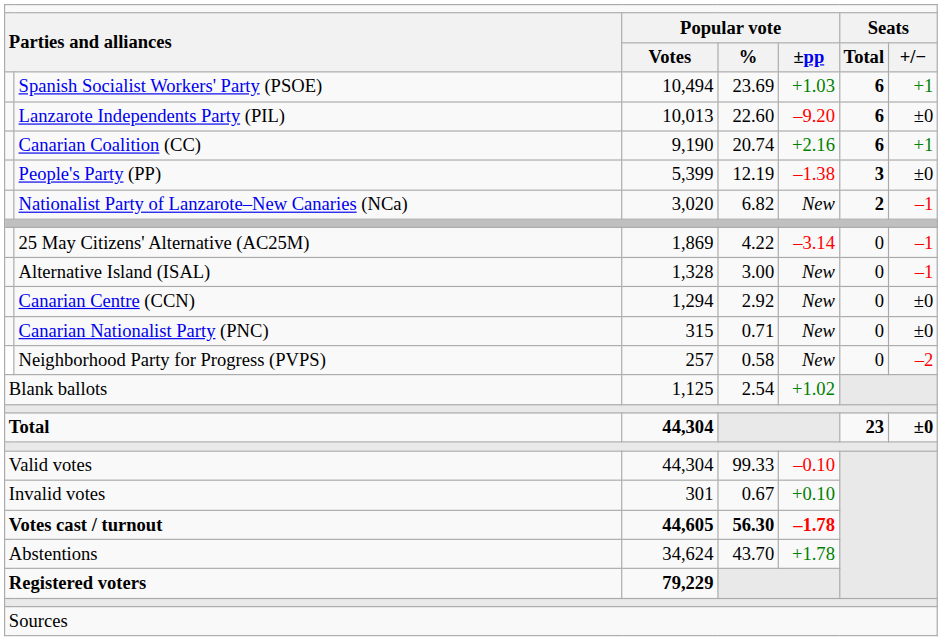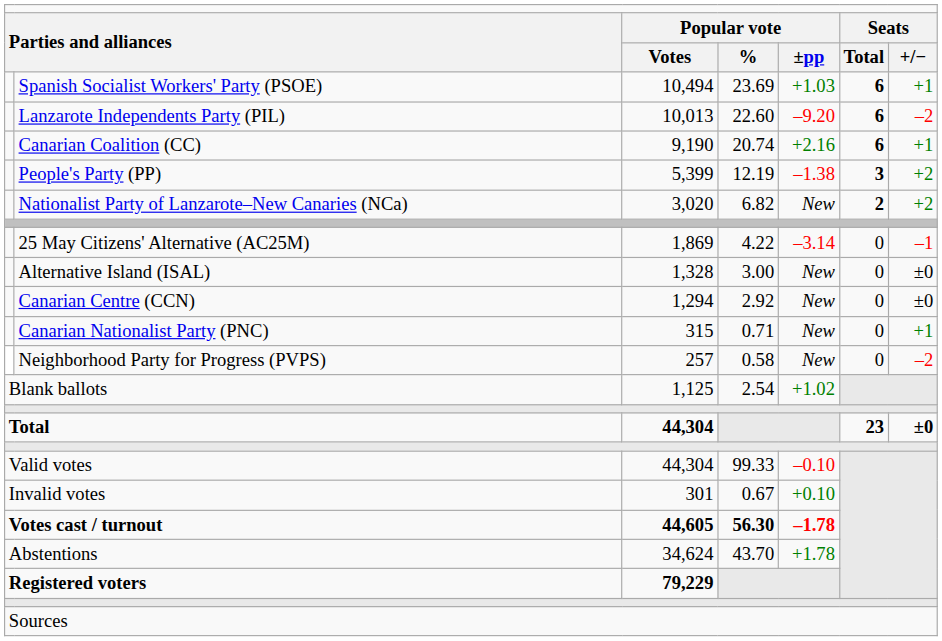 <table class="wikitable" style="text-align:right;">
 <tr>
 <td colspan="7"></td>
 </tr>
 <tr>
 <th style="text-align:left;" rowspan="2" colspan="2" width="525">Parties and alliances</th>
 <th colspan="3">Popular vote</th>
 <th colspan="2">Seats</th>
 </tr>
 <tr>
 <th width="75">Votes</th>
 <th width="45">%</th>
 <th width="45">±<a href='#'>pp</a></th>
 <th width="35">Total</th>
 <th width="35">+/−</th>
 </tr>
 <tr>
 <td width="1" style="color:inherit;background:"></td>
 <td align="left"><a href='#'>Spanish Socialist Workers' Party</a> (PSOE)</td>
 <td>10,494</td>
 <td>23.69</td>
 <td style="color:green;">+1.03</td>
 <td><strong>6</strong></td>
 <td style="color:green;">+1</td>
 </tr>
 <tr>
 <td style="color:inherit;background:"></td>
 <td align="left"><a href='#'>Lanzarote Independents Party</a> (PIL)</td>
 <td>10,013</td>
 <td>22.60</td>
 <td style="color:red;">–9.20</td>
 <td><strong>6</strong></td>
-<td>±0</td>
+<td style="color:red;">–2</td>
 </tr>
 <tr>
 <td style="color:inherit;background:"></td>
 <td align="left"><a href='#'>Canarian Coalition</a> (CC)</td>
 <td>9,190</td>
 <td>20.74</td>
 <td style="color:green;">+2.16</td>
 <td><strong>6</strong></td>
 <td style="color:green;">+1</td>
 </tr>
 <tr>
 <td style="color:inherit;background:"></td>
 <td align="left"><a href='#'>People's Party</a> (PP)</td>
 <td>5,399</td>
 <td>12.19</td>
 <td style="color:red;">–1.38</td>
 <td><strong>3</strong></td>
-<td>±0</td>
+<td style="color:green;">+2</td>
 </tr>
 <tr>
 <td style="color:inherit;background:"></td>
 <td align="left"><a href='#'>Nationalist Party of Lanzarote–New Canaries</a> (NCa)</td>
 <td>3,020</td>
 <td>6.82</td>
 <td><em>New</em></td>
 <td><strong>2</strong></td>
-<td style="color:red;">–1</td>
+<td style="color:green;">+2</td>
 </tr>
 <tr>
 <td colspan="7" bgcolor="#C0C0C0"></td>
 </tr>
 <tr>
 <td style="color:inherit;background:"></td>
 <td align="left">25 May Citizens' Alternative (AC25M)</td>
 <td>1,869</td>
 <td>4.22</td>
 <td style="color:red;">–3.14</td>
 <td>0</td>
 <td style="color:red;">–1</td>
 </tr>
 <tr>
 <td style="color:inherit;background:"></td>
 <td align="left">Alternative Island (ISAL)</td>
 <td>1,328</td>
 <td>3.00</td>
 <td><em>New</em></td>
 <td>0</td>
-<td style="color:red;">–1</td>
+<td>±0</td>
 </tr>
 <tr>
 <td style="color:inherit;background:"></td>
 <td align="left"><a href='#'>Canarian Centre</a> (CCN)</td>
 <td>1,294</td>
 <td>2.92</td>
 <td><em>New</em></td>
 <td>0</td>
 <td>±0</td>
 </tr>
 <tr>
 <td style="color:inherit;background:"></td>
 <td align="left"><a href='#'>Canarian Nationalist Party</a> (PNC)</td>
 <td>315</td>
 <td>0.71</td>
 <td><em>New</em></td>
 <td>0</td>
-<td>±0</td>
+<td style="color:green;">+1</td>
 </tr>
 <tr>
 <td bgcolor="white"></td>
 <td align="left">Neighborhood Party for Progress (PVPS)</td>
 <td>257</td>
 <td>0.58</td>
 <td><em>New</em></td>
 <td>0</td>
 <td style="color:red;">–2</td>
 </tr>
 <tr>
 <td align="left" colspan="2">Blank ballots</td>
 <td>1,125</td>
 <td>2.54</td>
 <td style="color:green;">+1.02</td>
 <td bgcolor="#E9E9E9" colspan="2"></td>
 </tr>
 <tr>
 <td colspan="7" bgcolor="#E9E9E9"></td>
 </tr>
 <tr style="font-weight:bold;">
 <td align="left" colspan="2">Total</td>
 <td>44,304</td>
 <td bgcolor="#E9E9E9" colspan="2"></td>
 <td>23</td>
 <td>±0</td>
 </tr>
 <tr>
 <td colspan="7" bgcolor="#E9E9E9"></td>
 </tr>
 <tr>
 <td align="left" colspan="2">Valid votes</td>
 <td>44,304</td>
 <td>99.33</td>
 <td style="color:red;">–0.10</td>
 <td bgcolor="#E9E9E9" colspan="2" rowspan="5"></td>
 </tr>
 <tr>
 <td align="left" colspan="2">Invalid votes</td>
 <td>301</td>
 <td>0.67</td>
 <td style="color:green;">+0.10</td>
 </tr>
 <tr style="font-weight:bold;">
 <td align="left" colspan="2">Votes cast / turnout</td>
 <td>44,605</td>
 <td>56.30</td>
 <td style="color:red;">–1.78</td>
 </tr>
 <tr>
 <td align="left" colspan="2">Abstentions</td>
 <td>34,624</td>
 <td>43.70</td>
 <td style="color:green;">+1.78</td>
 </tr>
 <tr style="font-weight:bold;">
 <td align="left" colspan="2">Registered voters</td>
 <td>79,229</td>
 <td bgcolor="#E9E9E9" colspan="2"></td>
 </tr>
 <tr>
 <td colspan="7" bgcolor="#E9E9E9"></td>
 </tr>
 <tr>
 <td align="left" colspan="7">Sources</td>
 </tr>
 </table>
